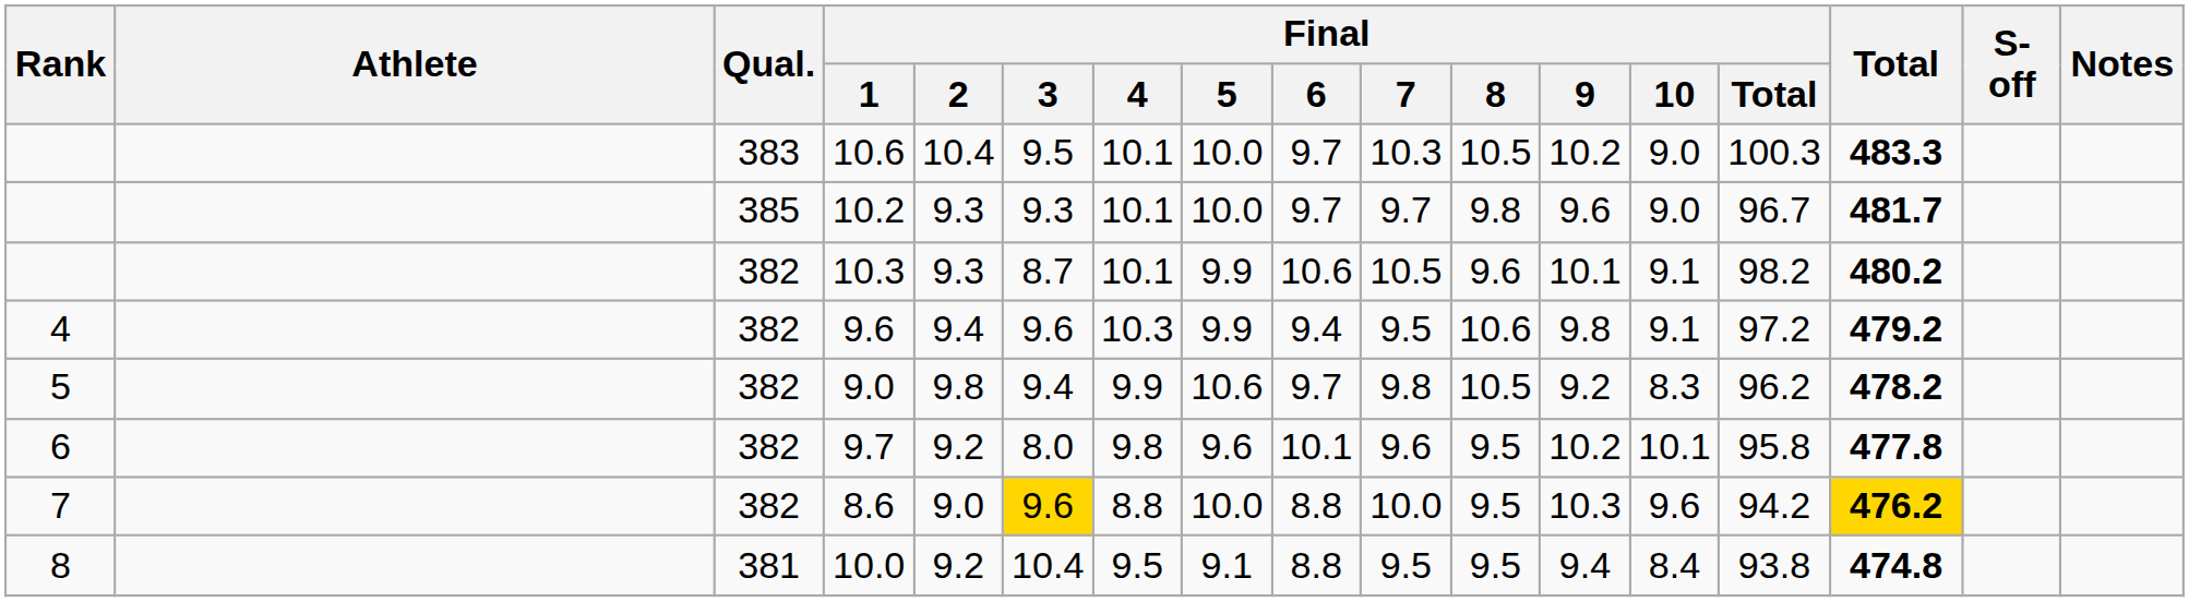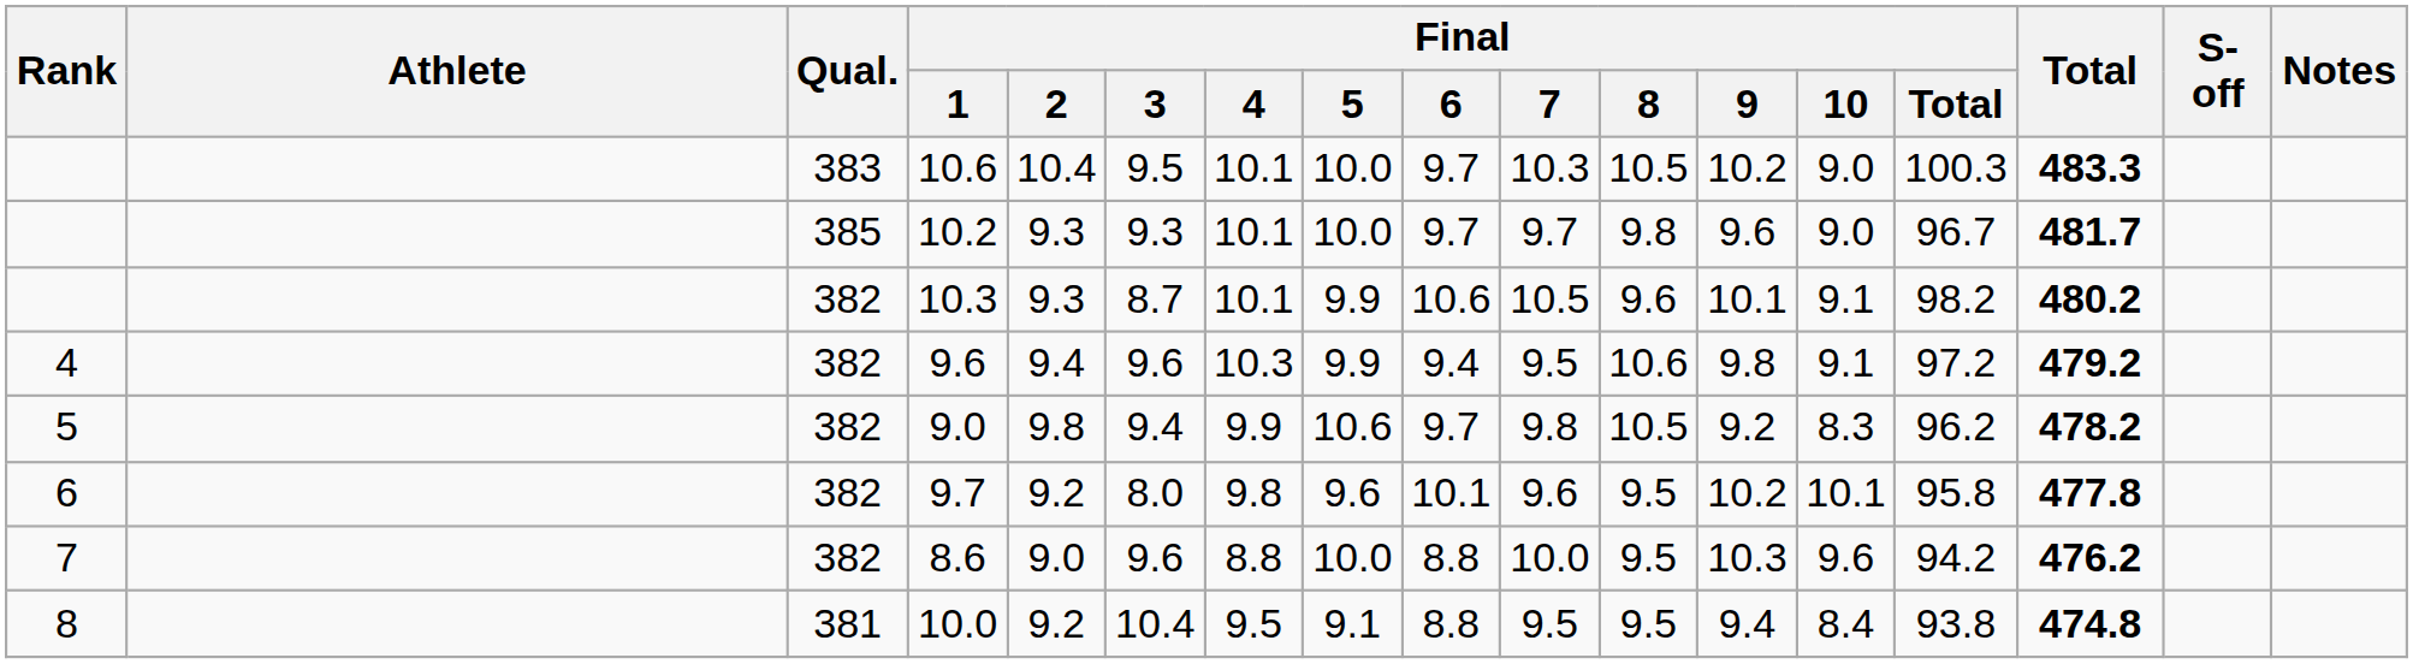 <table class="wikitable" style="text-align:center">
 <tr>
 <th rowspan=2 width=40>Rank</th>
 <th rowspan=2 width=250>Athlete</th>
 <th rowspan=2 width=40>Qual.</th>
 <th colspan=11>Final</th>
 <th rowspan=2 width=50>Total</th>
 <th rowspan=2 width=35>S-off</th>
 <th rowspan=2 width=45>Notes</th>
 </tr>
 <tr>
 <th width=30>1</th>
 <th width=30>2</th>
 <th width=30>3</th>
 <th width=30>4</th>
 <th width=30>5</th>
 <th width=30>6</th>
 <th width=30>7</th>
 <th width=30>8</th>
 <th width=30>9</th>
 <th width=30>10</th>
 <th width=40>Total</th>
 </tr>
 <tr>
 <td></td>
 <td align=left></td>
 <td>383</td>
 <td>10.6</td>
 <td>10.4</td>
 <td>9.5</td>
 <td>10.1</td>
 <td>10.0</td>
 <td>9.7</td>
 <td>10.3</td>
 <td>10.5</td>
 <td>10.2</td>
 <td>9.0</td>
 <td>100.3</td>
 <td><strong>483.3</strong></td>
 <td></td>
 <td></td>
 </tr>
 <tr>
 <td></td>
 <td align=left></td>
 <td>385</td>
 <td>10.2</td>
 <td>9.3</td>
 <td>9.3</td>
 <td>10.1</td>
 <td>10.0</td>
 <td>9.7</td>
 <td>9.7</td>
 <td>9.8</td>
 <td>9.6</td>
 <td>9.0</td>
 <td>96.7</td>
 <td><strong>481.7</strong></td>
 <td></td>
 <td></td>
 </tr>
 <tr>
 <td></td>
 <td align=left></td>
 <td>382</td>
 <td>10.3</td>
 <td>9.3</td>
 <td>8.7</td>
 <td>10.1</td>
 <td>9.9</td>
 <td>10.6</td>
 <td>10.5</td>
 <td>9.6</td>
 <td>10.1</td>
 <td>9.1</td>
 <td>98.2</td>
 <td><strong>480.2</strong></td>
 <td></td>
 <td></td>
 </tr>
 <tr>
 <td>4</td>
 <td align=left></td>
 <td>382</td>
 <td>9.6</td>
 <td>9.4</td>
 <td>9.6</td>
 <td>10.3</td>
 <td>9.9</td>
 <td>9.4</td>
 <td>9.5</td>
 <td>10.6</td>
 <td>9.8</td>
 <td>9.1</td>
 <td>97.2</td>
 <td><strong>479.2</strong></td>
 <td></td>
 <td></td>
 </tr>
 <tr>
 <td>5</td>
 <td align=left></td>
 <td>382</td>
 <td>9.0</td>
 <td>9.8</td>
 <td>9.4</td>
 <td>9.9</td>
 <td>10.6</td>
 <td>9.7</td>
 <td>9.8</td>
 <td>10.5</td>
 <td>9.2</td>
 <td>8.3</td>
 <td>96.2</td>
 <td><strong>478.2</strong></td>
 <td></td>
 <td></td>
 </tr>
 <tr>
 <td>6</td>
 <td align=left></td>
 <td>382</td>
 <td>9.7</td>
 <td>9.2</td>
 <td>8.0</td>
 <td>9.8</td>
 <td>9.6</td>
 <td>10.1</td>
 <td>9.6</td>
 <td>9.5</td>
 <td>10.2</td>
 <td>10.1</td>
 <td>95.8</td>
 <td><strong>477.8</strong></td>
 <td></td>
 <td></td>
 </tr>
 <tr>
 <td>7</td>
 <td align=left></td>
 <td>382</td>
 <td>8.6</td>
 <td>9.0</td>
-<td style="background: gold;">9.6</td>
+<td>9.6</td>
 <td>8.8</td>
 <td>10.0</td>
 <td>8.8</td>
 <td>10.0</td>
 <td>9.5</td>
 <td>10.3</td>
 <td>9.6</td>
 <td>94.2</td>
-<td style="background: gold;"><strong>476.2</strong></td>
+<td><strong>476.2</strong></td>
 <td></td>
 <td></td>
 </tr>
 <tr>
 <td>8</td>
 <td align=left></td>
 <td>381</td>
 <td>10.0</td>
 <td>9.2</td>
 <td>10.4</td>
 <td>9.5</td>
 <td>9.1</td>
 <td>8.8</td>
 <td>9.5</td>
 <td>9.5</td>
 <td>9.4</td>
 <td>8.4</td>
 <td>93.8</td>
 <td><strong>474.8</strong></td>
 <td></td>
 <td></td>
 </tr>
 </table>
